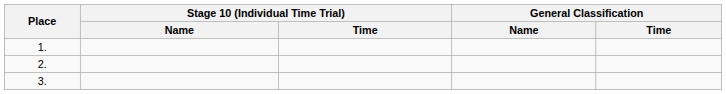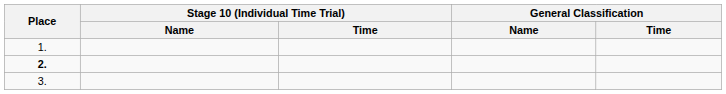 <table class=wikitable style="font-size:95%" width="80%">
 <tr>
 <th rowspan="2">Place</th>
 <th colspan="2">Stage 10 (Individual Time Trial)</th>
 <th colspan="2">General Classification</th>
 </tr>
 <tr>
 <th>Name</th>
 <th>Time</th>
 <th>Name</th>
 <th>Time</th>
 </tr>
 <tr>
 <td align="center">1.</td>
 <td></td>
 <td></td>
 <td></td>
 <td></td>
 </tr>
 <tr>
-<td align="center">2.</td>
+<td align="center"><strong>2.</strong></td>
 <td></td>
 <td></td>
 <td></td>
 <td></td>
 </tr>
 <tr>
 <td align="center">3.</td>
 <td></td>
 <td></td>
 <td></td>
 <td></td>
 </tr>
 </table>
